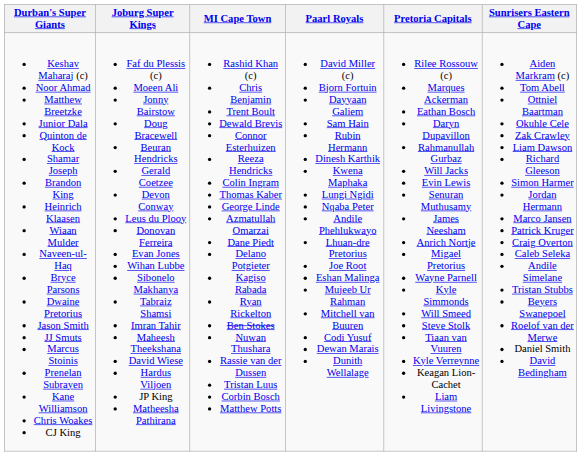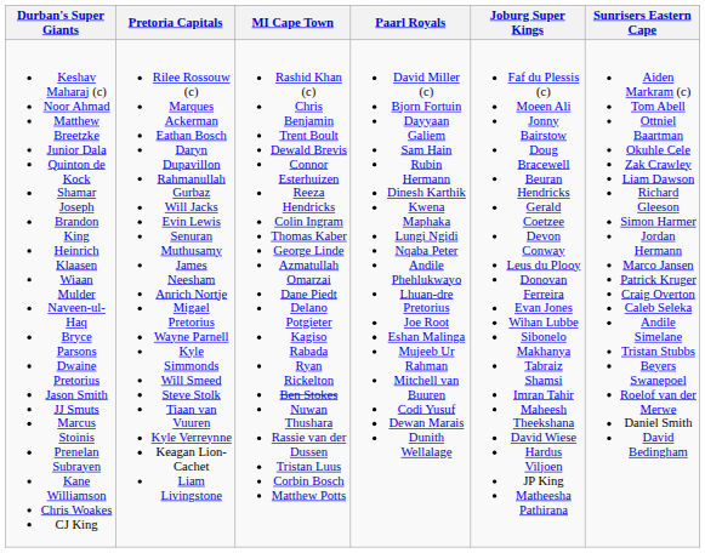 <table class="wikitable" style="text-align:center;">
 <tr>
 <th><a href='#'>Durban's Super Giants</a></th>
-<th><a href='#'>Joburg Super Kings</a></th>
+<th><a href='#'>Pretoria Capitals</a></th>
 <th><a href='#'>MI Cape Town</a></th>
 <th><a href='#'>Paarl Royals</a></th>
-<th><a href='#'>Pretoria Capitals</a></th>
+<th><a href='#'>Joburg Super Kings</a></th>
 <th><a href='#'>Sunrisers Eastern Cape</a></th>
 </tr>
 <tr>
 <td valign=top><br><ul><li><a href='#'>Keshav Maharaj</a> (c)</li><li><a href='#'>Noor Ahmad</a></li><li><a href='#'>Matthew Breetzke</a></li><li><a href='#'>Junior Dala</a></li><li><a href='#'>Quinton de Kock</a></li><li><a href='#'>Shamar Joseph</a></li><li><a href='#'>Brandon King</a></li><li><a href='#'>Heinrich Klaasen</a></li><li><a href='#'>Wiaan Mulder</a></li><li><a href='#'>Naveen-ul-Haq</a></li><li><a href='#'>Bryce Parsons</a></li><li><a href='#'>Dwaine Pretorius</a></li><li><a href='#'>Jason Smith</a></li><li><a href='#'>JJ Smuts</a></li><li><a href='#'>Marcus Stoinis</a></li><li><a href='#'>Prenelan Subrayen</a></li><li><a href='#'>Kane Williamson</a></li><li><a href='#'>Chris Woakes</a></li><li>CJ King</li></ul></td>
-<td valign=top><br><ul><li><a href='#'>Faf du Plessis</a> (c)</li><li><a href='#'>Moeen Ali</a></li><li><a href='#'>Jonny Bairstow</a></li><li><a href='#'>Doug Bracewell</a></li><li><a href='#'>Beuran Hendricks</a></li><li><a href='#'>Gerald Coetzee</a></li><li><a href='#'>Devon Conway</a></li><li><a href='#'>Leus du Plooy</a></li><li><a href='#'>Donovan Ferreira</a></li><li><a href='#'>Evan Jones</a></li><li><a href='#'>Wihan Lubbe</a></li><li><a href='#'>Sibonelo Makhanya</a></li><li><a href='#'>Tabraiz Shamsi</a></li><li><a href='#'>Imran Tahir</a></li><li><a href='#'>Maheesh Theekshana</a></li><li><a href='#'>David Wiese</a></li><li><a href='#'>Hardus Viljoen</a></li><li>JP King</li><li><a href='#'>Matheesha Pathirana</a></li></ul></td>
+<td valign=top><br><ul><li><a href='#'>Rilee Rossouw</a> (c)</li><li><a href='#'>Marques Ackerman</a></li><li><a href='#'>Eathan Bosch</a></li><li><a href='#'>Daryn Dupavillon</a></li><li><a href='#'>Rahmanullah Gurbaz</a></li><li><a href='#'>Will Jacks</a></li><li><a href='#'>Evin Lewis</a></li><li><a href='#'>Senuran Muthusamy</a></li><li><a href='#'>James Neesham</a></li><li><a href='#'>Anrich Nortje</a></li><li><a href='#'>Migael Pretorius</a></li><li><a href='#'>Wayne Parnell</a></li><li><a href='#'>Kyle Simmonds</a></li><li><a href='#'>Will Smeed</a></li><li><a href='#'>Steve Stolk</a></li><li><a href='#'>Tiaan van Vuuren</a></li><li><a href='#'>Kyle Verreynne</a></li><li>Keagan Lion-Cachet</li><li><a href='#'>Liam Livingstone</a></li></ul></td>
 <td valign=top><br><ul><li><a href='#'>Rashid Khan</a> (c)</li><li><a href='#'>Chris Benjamin</a></li><li><a href='#'>Trent Boult</a></li><li><a href='#'>Dewald Brevis</a></li><li><a href='#'>Connor Esterhuizen</a></li><li><a href='#'>Reeza Hendricks</a></li><li><a href='#'>Colin Ingram</a></li><li><a href='#'>Thomas Kaber</a></li><li><a href='#'>George Linde</a></li><li><a href='#'>Azmatullah Omarzai</a></li><li><a href='#'>Dane Piedt</a></li><li><a href='#'>Delano Potgieter</a></li><li><a href='#'>Kagiso Rabada</a></li><li><a href='#'>Ryan Rickelton</a></li><li><a href='#'><s>Ben Stokes</s></a></li><li><a href='#'>Nuwan Thushara</a></li><li><a href='#'>Rassie van der Dussen</a></li><li><a href='#'>Tristan Luus</a></li><li><a href='#'>Corbin Bosch</a></li><li><a href='#'>Matthew Potts</a></li></ul></td>
 <td valign=top><br><ul><li><a href='#'>David Miller</a> (c)</li><li><a href='#'>Bjorn Fortuin</a></li><li><a href='#'>Dayyaan Galiem</a></li><li><a href='#'>Sam Hain</a></li><li><a href='#'>Rubin Hermann</a></li><li><a href='#'>Dinesh Karthik</a></li><li><a href='#'>Kwena Maphaka</a></li><li><a href='#'>Lungi Ngidi</a></li><li><a href='#'>Nqaba Peter</a></li><li><a href='#'>Andile Phehlukwayo</a></li><li><a href='#'>Lhuan-dre Pretorius</a></li><li><a href='#'>Joe Root</a></li><li><a href='#'>Eshan Malinga</a></li><li><a href='#'>Mujeeb Ur Rahman</a></li><li><a href='#'>Mitchell van Buuren</a></li><li><a href='#'>Codi Yusuf</a></li><li><a href='#'>Dewan Marais</a></li><li><a href='#'>Dunith Wellalage</a></li></ul></td>
-<td valign=top><br><ul><li><a href='#'>Rilee Rossouw</a> (c)</li><li><a href='#'>Marques Ackerman</a></li><li><a href='#'>Eathan Bosch</a></li><li><a href='#'>Daryn Dupavillon</a></li><li><a href='#'>Rahmanullah Gurbaz</a></li><li><a href='#'>Will Jacks</a></li><li><a href='#'>Evin Lewis</a></li><li><a href='#'>Senuran Muthusamy</a></li><li><a href='#'>James Neesham</a></li><li><a href='#'>Anrich Nortje</a></li><li><a href='#'>Migael Pretorius</a></li><li><a href='#'>Wayne Parnell</a></li><li><a href='#'>Kyle Simmonds</a></li><li><a href='#'>Will Smeed</a></li><li><a href='#'>Steve Stolk</a></li><li><a href='#'>Tiaan van Vuuren</a></li><li><a href='#'>Kyle Verreynne</a></li><li>Keagan Lion-Cachet</li><li><a href='#'>Liam Livingstone</a></li></ul></td>
+<td valign=top><br><ul><li><a href='#'>Faf du Plessis</a> (c)</li><li><a href='#'>Moeen Ali</a></li><li><a href='#'>Jonny Bairstow</a></li><li><a href='#'>Doug Bracewell</a></li><li><a href='#'>Beuran Hendricks</a></li><li><a href='#'>Gerald Coetzee</a></li><li><a href='#'>Devon Conway</a></li><li><a href='#'>Leus du Plooy</a></li><li><a href='#'>Donovan Ferreira</a></li><li><a href='#'>Evan Jones</a></li><li><a href='#'>Wihan Lubbe</a></li><li><a href='#'>Sibonelo Makhanya</a></li><li><a href='#'>Tabraiz Shamsi</a></li><li><a href='#'>Imran Tahir</a></li><li><a href='#'>Maheesh Theekshana</a></li><li><a href='#'>David Wiese</a></li><li><a href='#'>Hardus Viljoen</a></li><li>JP King</li><li><a href='#'>Matheesha Pathirana</a></li></ul></td>
 <td valign=top><br><ul><li><a href='#'>Aiden Markram</a> (c)</li><li><a href='#'>Tom Abell</a></li><li><a href='#'>Ottniel Baartman</a></li><li><a href='#'>Okuhle Cele</a></li><li><a href='#'>Zak Crawley</a></li><li><a href='#'>Liam Dawson</a></li><li><a href='#'>Richard Gleeson</a></li><li><a href='#'>Simon Harmer</a></li><li><a href='#'>Jordan Hermann</a></li><li><a href='#'>Marco Jansen</a></li><li><a href='#'>Patrick Kruger</a></li><li><a href='#'>Craig Overton</a></li><li><a href='#'>Caleb Seleka</a></li><li><a href='#'>Andile Simelane</a></li><li><a href='#'>Tristan Stubbs</a></li><li><a href='#'>Beyers Swanepoel</a></li><li><a href='#'>Roelof van der Merwe</a></li><li>Daniel Smith</li><li><a href='#'>David Bedingham</a></li></ul></td>
 </tr>
 </table>
